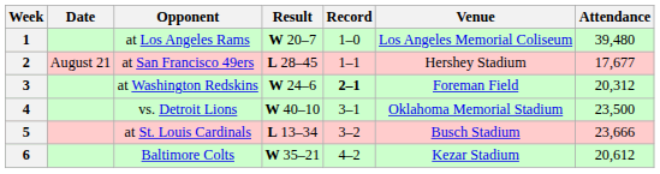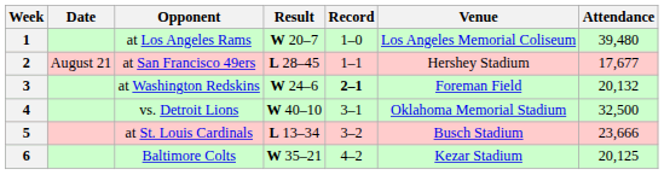 <table class="wikitable" style="text-align:center">
 <tr>
 <th>Week</th>
 <th>Date</th>
 <th>Opponent</th>
 <th>Result</th>
 <th>Record</th>
 <th>Venue</th>
 <th>Attendance</th>
 </tr>
 <tr style="background:#cfc">
 <th>1</th>
 <td></td>
 <td>at <a href='#'>Los Angeles Rams</a></td>
 <td><strong>W</strong> 20–7</td>
 <td>1–0</td>
 <td><a href='#'>Los Angeles Memorial Coliseum</a></td>
 <td>39,480</td>
 </tr>
 <tr style="background:#fcc">
 <th>2</th>
 <td>August 21</td>
 <td>at <a href='#'>San Francisco 49ers</a></td>
 <td><strong>L</strong> 28–45</td>
 <td>1–1</td>
 <td>Hershey Stadium</td>
 <td>17,677</td>
 </tr>
 <tr style="background:#cfc">
 <th>3</th>
 <td></td>
 <td>at <a href='#'>Washington Redskins</a></td>
 <td><strong>W</strong> 24–6</td>
 <td><strong>2–1</strong></td>
 <td><a href='#'>Foreman Field</a></td>
-<td>20,312</td>
+<td>20,132</td>
 </tr>
 <tr style="background:#cfc">
 <th>4</th>
 <td></td>
 <td>vs. <a href='#'>Detroit Lions</a></td>
 <td><strong>W</strong> 40–10</td>
 <td>3–1</td>
 <td><a href='#'>Oklahoma Memorial Stadium</a></td>
-<td>23,500</td>
+<td>32,500</td>
 </tr>
 <tr style="background:#fcc">
 <th>5</th>
 <td></td>
 <td>at <a href='#'>St. Louis Cardinals</a></td>
 <td><strong>L</strong> 13–34</td>
 <td>3–2</td>
 <td><a href='#'>Busch Stadium</a></td>
 <td>23,666</td>
 </tr>
 <tr style="background:#cfc">
 <th>6</th>
 <td></td>
 <td><a href='#'>Baltimore Colts</a></td>
 <td><strong>W</strong> 35–21</td>
 <td>4–2</td>
 <td><a href='#'>Kezar Stadium</a></td>
-<td>20,612</td>
+<td>20,125</td>
 </tr>
 </table>
